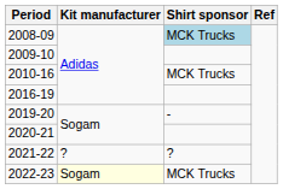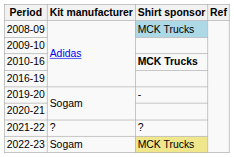 <table class="wikitable">
 <tr>
 <th>Period</th>
 <th>Kit manufacturer</th>
 <th>Shirt sponsor</th>
 <th>Ref</th>
 </tr>
 <tr>
 <td>2008-09</td>
 <td rowspan="4"><a href='#'>Adidas</a></td>
 <td style="background: lightblue;">MCK Trucks</td>
 <td rowspan="8"></td>
 </tr>
 <tr>
 <td>2009-10</td>
 <td></td>
 </tr>
 <tr>
 <td>2010-16</td>
-<td>MCK Trucks</td>
+<td><strong>MCK Trucks</strong></td>
 </tr>
 <tr>
 <td>2016-19</td>
 <td></td>
 </tr>
 <tr>
 <td>2019-20</td>
 <td rowspan="2">Sogam</td>
 <td>-</td>
 </tr>
 <tr>
 <td>2020-21</td>
 <td></td>
 </tr>
 <tr>
 <td>2021-22</td>
 <td>?</td>
 <td>?</td>
 </tr>
 <tr>
 <td>2022-23</td>
-<td style="background: lightyellow;">Sogam</td>
-<td>MCK Trucks</td>
+<td>Sogam</td>
+<td style="background: khaki;">MCK Trucks</td>
 </tr>
 </table>
